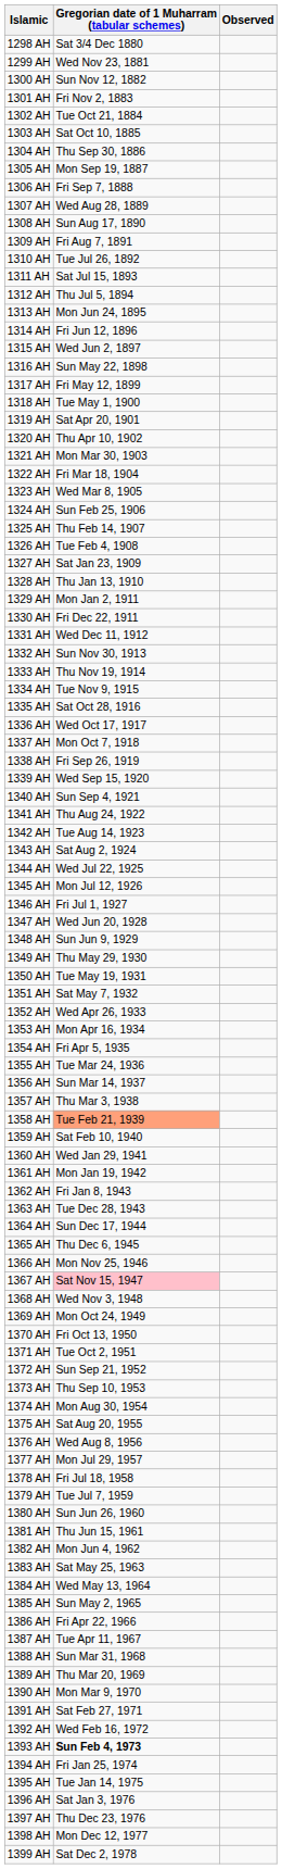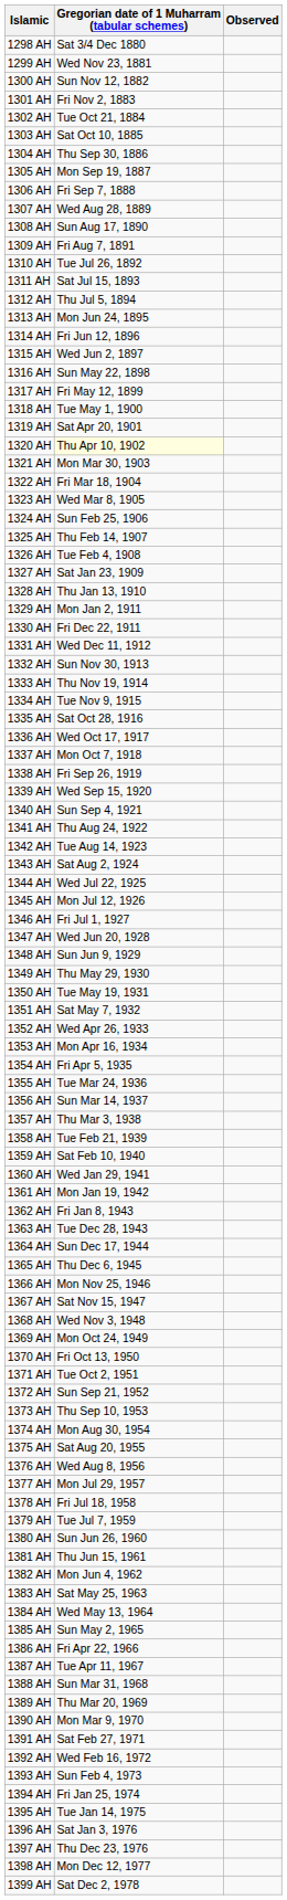 <table class="wikitable" style="margin-right:0;">
 <tr>
 <th>Islamic</th>
 <th>Gregorian date of 1 Muharram<br>(<a href='#'>tabular schemes</a>)</th>
 <th>Observed</th>
 </tr>
 <tr>
 <td>1298 AH</td>
 <td>Sat 3/4 Dec 1880</td>
 <td></td>
 </tr>
 <tr>
 <td>1299 AH</td>
 <td>Wed  Nov 23, 1881</td>
 <td></td>
 </tr>
 <tr>
 <td>1300 AH</td>
 <td>Sun Nov 12, 1882</td>
 <td></td>
 </tr>
 <tr>
 <td>1301 AH</td>
 <td>Fri  Nov 2, 1883</td>
 <td></td>
 </tr>
 <tr>
 <td>1302 AH</td>
 <td>Tue  Oct 21, 1884</td>
 <td></td>
 </tr>
 <tr>
 <td>1303 AH</td>
 <td>Sat  Oct 10, 1885</td>
 <td></td>
 </tr>
 <tr>
 <td>1304 AH</td>
 <td>Thu  Sep 30, 1886</td>
 <td></td>
 </tr>
 <tr>
 <td>1305 AH</td>
 <td>Mon  Sep 19, 1887</td>
 <td></td>
 </tr>
 <tr>
 <td>1306 AH</td>
 <td>Fri Sep 7, 1888</td>
 <td></td>
 </tr>
 <tr>
 <td>1307 AH</td>
 <td>Wed Aug 28, 1889</td>
 <td></td>
 </tr>
 <tr>
 <td>1308 AH</td>
 <td>Sun  Aug 17, 1890</td>
 <td></td>
 </tr>
 <tr>
 <td>1309 AH</td>
 <td>Fri Aug 7, 1891</td>
 <td></td>
 </tr>
 <tr>
 <td>1310 AH</td>
 <td>Tue  Jul 26, 1892</td>
 <td></td>
 </tr>
 <tr>
 <td>1311 AH</td>
 <td>Sat Jul 15, 1893</td>
 <td></td>
 </tr>
 <tr>
 <td>1312 AH</td>
 <td>Thu Jul 5, 1894</td>
 <td></td>
 </tr>
 <tr>
 <td>1313 AH</td>
 <td>Mon  Jun 24, 1895</td>
 <td></td>
 </tr>
 <tr>
 <td>1314 AH</td>
 <td>Fri  Jun 12, 1896</td>
 <td></td>
 </tr>
 <tr>
 <td>1315 AH</td>
 <td>Wed Jun 2, 1897</td>
 <td></td>
 </tr>
 <tr>
 <td>1316 AH</td>
 <td>Sun  May 22, 1898</td>
 <td></td>
 </tr>
 <tr>
 <td>1317 AH</td>
 <td>Fri  May 12, 1899</td>
 <td></td>
 </tr>
 <tr>
 <td>1318 AH</td>
 <td>Tue  May 1, 1900</td>
 <td></td>
 </tr>
 <tr>
 <td>1319 AH</td>
 <td>Sat  Apr 20, 1901</td>
 <td></td>
 </tr>
 <tr>
 <td>1320 AH</td>
-<td>Thu  Apr 10, 1902</td>
+<td style="background: lightyellow;">Thu  Apr 10, 1902</td>
 <td></td>
 </tr>
 <tr>
 <td>1321 AH</td>
 <td>Mon  Mar 30, 1903</td>
 <td></td>
 </tr>
 <tr>
 <td>1322 AH</td>
 <td>Fri Mar 18, 1904</td>
 <td></td>
 </tr>
 <tr>
 <td>1323 AH</td>
 <td>Wed  Mar 8, 1905</td>
 <td></td>
 </tr>
 <tr>
 <td>1324 AH</td>
 <td>Sun  Feb 25, 1906</td>
 <td></td>
 </tr>
 <tr>
 <td>1325 AH</td>
 <td>Thu Feb 14, 1907</td>
 <td></td>
 </tr>
 <tr>
 <td>1326 AH</td>
 <td>Tue Feb 4, 1908</td>
 <td></td>
 </tr>
 <tr>
 <td>1327 AH</td>
 <td>Sat  Jan 23, 1909</td>
 <td></td>
 </tr>
 <tr>
 <td>1328 AH</td>
 <td>Thu  Jan 13, 1910</td>
 <td></td>
 </tr>
 <tr>
 <td>1329 AH</td>
 <td>Mon Jan 2, 1911</td>
 <td></td>
 </tr>
 <tr>
 <td>1330 AH</td>
 <td>Fri  Dec 22, 1911</td>
 <td></td>
 </tr>
 <tr>
 <td>1331 AH</td>
 <td>Wed  Dec 11, 1912</td>
 <td></td>
 </tr>
 <tr>
 <td>1332 AH</td>
 <td>Sun  Nov 30, 1913</td>
 <td></td>
 </tr>
 <tr>
 <td>1333 AH</td>
 <td>Thu  Nov 19, 1914</td>
 <td></td>
 </tr>
 <tr>
 <td>1334 AH</td>
 <td>Tue  Nov 9, 1915</td>
 <td></td>
 </tr>
 <tr>
 <td>1335 AH</td>
 <td>Sat  Oct 28, 1916</td>
 <td></td>
 </tr>
 <tr>
 <td>1336 AH</td>
 <td>Wed Oct 17, 1917</td>
 <td></td>
 </tr>
 <tr>
 <td>1337 AH</td>
 <td>Mon  Oct 7, 1918</td>
 <td></td>
 </tr>
 <tr>
 <td>1338 AH</td>
 <td>Fri Sep 26, 1919</td>
 <td></td>
 </tr>
 <tr>
 <td>1339 AH</td>
 <td>Wed Sep 15, 1920</td>
 <td></td>
 </tr>
 <tr>
 <td>1340 AH</td>
 <td>Sun Sep 4, 1921</td>
 <td></td>
 </tr>
 <tr>
 <td>1341 AH</td>
 <td>Thu  Aug 24, 1922</td>
 <td></td>
 </tr>
 <tr>
 <td>1342 AH</td>
 <td>Tue Aug 14, 1923</td>
 <td></td>
 </tr>
 <tr>
 <td>1343 AH</td>
 <td>Sat  Aug 2, 1924</td>
 <td></td>
 </tr>
 <tr>
 <td>1344 AH</td>
 <td>Wed  Jul 22, 1925</td>
 <td></td>
 </tr>
 <tr>
 <td>1345 AH</td>
 <td>Mon Jul 12, 1926</td>
 <td></td>
 </tr>
 <tr>
 <td>1346 AH</td>
 <td>Fri Jul 1, 1927</td>
 <td></td>
 </tr>
 <tr>
 <td>1347 AH</td>
 <td>Wed  Jun 20, 1928</td>
 <td></td>
 </tr>
 <tr>
 <td>1348 AH</td>
 <td>Sun Jun 9, 1929</td>
 <td></td>
 </tr>
 <tr>
 <td>1349 AH</td>
 <td>Thu May 29, 1930</td>
 <td></td>
 </tr>
 <tr>
 <td>1350 AH</td>
 <td>Tue May 19, 1931</td>
 <td></td>
 </tr>
 <tr>
 <td>1351 AH</td>
 <td>Sat May 7, 1932</td>
 <td></td>
 </tr>
 <tr>
 <td>1352 AH</td>
 <td>Wed Apr 26, 1933</td>
 <td></td>
 </tr>
 <tr>
 <td>1353 AH</td>
 <td>Mon  Apr 16, 1934</td>
 <td></td>
 </tr>
 <tr>
 <td>1354 AH</td>
 <td>Fri  Apr 5, 1935</td>
 <td></td>
 </tr>
 <tr>
 <td>1355 AH</td>
 <td>Tue  Mar 24, 1936</td>
 <td></td>
 </tr>
 <tr>
 <td>1356 AH</td>
 <td>Sun Mar 14, 1937</td>
 <td></td>
 </tr>
 <tr>
 <td>1357 AH</td>
 <td>Thu Mar 3, 1938</td>
 <td></td>
 </tr>
 <tr>
 <td>1358 AH</td>
-<td style="background: lightsalmon;">Tue  Feb 21, 1939</td>
+<td>Tue  Feb 21, 1939</td>
 <td></td>
 </tr>
 <tr>
 <td>1359 AH</td>
 <td>Sat  Feb 10, 1940</td>
 <td></td>
 </tr>
 <tr>
 <td>1360 AH</td>
 <td>Wed  Jan 29, 1941</td>
 <td></td>
 </tr>
 <tr>
 <td>1361 AH</td>
 <td>Mon  Jan 19, 1942</td>
 <td></td>
 </tr>
 <tr>
 <td>1362 AH</td>
 <td>Fri  Jan 8, 1943</td>
 <td></td>
 </tr>
 <tr>
 <td>1363 AH</td>
 <td>Tue Dec 28, 1943</td>
 <td></td>
 </tr>
 <tr>
 <td>1364 AH</td>
 <td>Sun Dec 17, 1944</td>
 <td></td>
 </tr>
 <tr>
 <td>1365 AH</td>
 <td>Thu  Dec 6, 1945</td>
 <td></td>
 </tr>
 <tr>
 <td>1366 AH</td>
 <td>Mon Nov 25, 1946</td>
 <td></td>
 </tr>
 <tr>
 <td>1367 AH</td>
-<td style="background: pink;">Sat  Nov 15, 1947</td>
+<td>Sat  Nov 15, 1947</td>
 <td></td>
 </tr>
 <tr>
 <td>1368 AH</td>
 <td>Wed  Nov 3, 1948</td>
 <td></td>
 </tr>
 <tr>
 <td>1369 AH</td>
 <td>Mon  Oct 24, 1949</td>
 <td></td>
 </tr>
 <tr>
 <td>1370 AH</td>
 <td>Fri  Oct 13, 1950</td>
 <td></td>
 </tr>
 <tr>
 <td>1371 AH</td>
 <td>Tue  Oct 2, 1951</td>
 <td></td>
 </tr>
 <tr>
 <td>1372 AH</td>
 <td>Sun  Sep 21, 1952</td>
 <td></td>
 </tr>
 <tr>
 <td>1373 AH</td>
 <td>Thu  Sep 10, 1953</td>
 <td></td>
 </tr>
 <tr>
 <td>1374 AH</td>
 <td>Mon Aug 30, 1954</td>
 <td></td>
 </tr>
 <tr>
 <td>1375 AH</td>
 <td>Sat Aug 20, 1955</td>
 <td></td>
 </tr>
 <tr>
 <td>1376 AH</td>
 <td>Wed Aug 8, 1956</td>
 <td></td>
 </tr>
 <tr>
 <td>1377 AH</td>
 <td>Mon Jul 29, 1957</td>
 <td></td>
 </tr>
 <tr>
 <td>1378 AH</td>
 <td>Fri Jul 18, 1958</td>
 <td></td>
 </tr>
 <tr>
 <td>1379 AH</td>
 <td>Tue Jul 7, 1959</td>
 <td></td>
 </tr>
 <tr>
 <td>1380 AH</td>
 <td>Sun  Jun 26, 1960</td>
 <td></td>
 </tr>
 <tr>
 <td>1381 AH</td>
 <td>Thu  Jun 15, 1961</td>
 <td></td>
 </tr>
 <tr>
 <td>1382 AH</td>
 <td>Mon Jun 4, 1962</td>
 <td></td>
 </tr>
 <tr>
 <td>1383 AH</td>
 <td>Sat May 25, 1963</td>
 <td></td>
 </tr>
 <tr>
 <td>1384 AH</td>
 <td>Wed  May 13, 1964</td>
 <td></td>
 </tr>
 <tr>
 <td>1385 AH</td>
 <td>Sun May 2, 1965</td>
 <td></td>
 </tr>
 <tr>
 <td>1386 AH</td>
 <td>Fri  Apr 22, 1966</td>
 <td></td>
 </tr>
 <tr>
 <td>1387 AH</td>
 <td>Tue  Apr 11, 1967</td>
 <td></td>
 </tr>
 <tr>
 <td>1388 AH</td>
 <td>Sun  Mar 31, 1968</td>
 <td></td>
 </tr>
 <tr>
 <td>1389 AH</td>
 <td>Thu  Mar 20, 1969</td>
 <td></td>
 </tr>
 <tr>
 <td>1390 AH</td>
 <td>Mon  Mar 9, 1970</td>
 <td></td>
 </tr>
 <tr>
 <td>1391 AH</td>
 <td>Sat Feb 27, 1971</td>
 <td></td>
 </tr>
 <tr>
 <td>1392 AH</td>
 <td>Wed  Feb 16, 1972</td>
 <td></td>
 </tr>
 <tr>
 <td>1393 AH</td>
-<td><strong>Sun  Feb 4, 1973</strong></td>
+<td>Sun  Feb 4, 1973</td>
 <td></td>
 </tr>
 <tr>
 <td>1394 AH</td>
 <td>Fri  Jan 25, 1974</td>
 <td></td>
 </tr>
 <tr>
 <td>1395 AH</td>
 <td>Tue  Jan 14, 1975</td>
 <td></td>
 </tr>
 <tr>
 <td>1396 AH</td>
 <td>Sat  Jan 3, 1976</td>
 <td></td>
 </tr>
 <tr>
 <td>1397 AH</td>
 <td>Thu  Dec 23, 1976</td>
 <td></td>
 </tr>
 <tr>
 <td>1398 AH</td>
 <td>Mon  Dec 12, 1977</td>
 <td></td>
 </tr>
 <tr>
 <td>1399 AH</td>
 <td>Sat  Dec 2, 1978</td>
 <td></td>
 </tr>
 </table>
